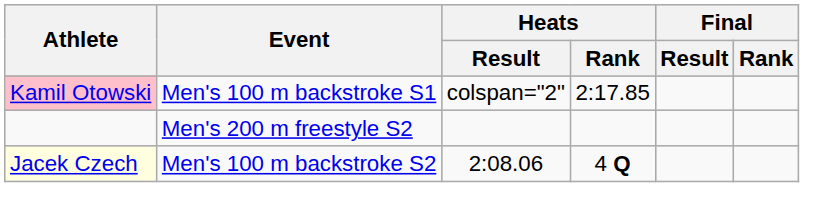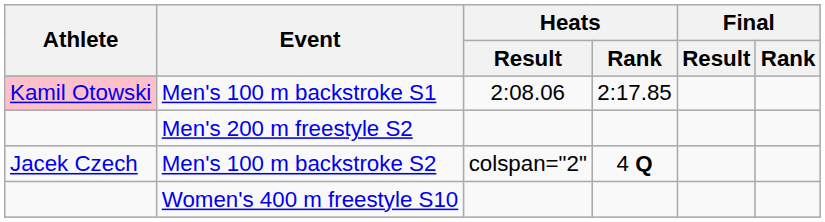 <table class=wikitable style="font-size:90%">
 <tr>
 <th rowspan="2">Athlete</th>
 <th rowspan="2">Event</th>
 <th colspan="2">Heats</th>
 <th colspan="2">Final</th>
 </tr>
 <tr>
 <th>Result</th>
 <th>Rank</th>
 <th>Result</th>
 <th>Rank</th>
 </tr>
 <tr align=center>
 <td align=left style="background: pink;"><a href='#'>Kamil Otowski</a></td>
 <td align=left><a href='#'>Men's 100 m backstroke S1</a></td>
-<td>colspan="2" </td>
+<td>2:08.06</td>
 <td>2:17.85</td>
 <td></td>
 </tr>
 <tr align=center>
 <td align=left> </td>
 <td align=left><a href='#'>Men's 200 m freestyle S2</a></td>
 <td></td>
 <td></td>
 <td></td>
 <td></td>
 </tr>
 <tr align=center>
-<td align=left style="background: lightyellow;"><a href='#'>Jacek Czech</a></td>
+<td align=left><a href='#'>Jacek Czech</a></td>
 <td align=left><a href='#'>Men's 100 m backstroke S2</a></td>
-<td>2:08.06</td>
+<td>colspan="2" </td>
 <td>4 <strong>Q</strong></td>
 <td></td>
 <td></td>
 </tr>
+<tr align=center>
+<td align=left> </td>
+<td align=left><a href='#'>Women's 400 m freestyle S10</a></td>
+<td></td>
+<td></td>
+<td></td>
+<td></td>
+</tr>
 </table>
